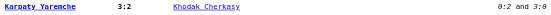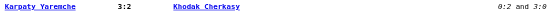 <table width=100% cellspacing=1>
 <tr>
 <th width=20%></th>
 <th width=12%></th>
 <th width=20%></th>
 <th></th>
 </tr>
 <tr style=font-size:90%>
 <td align=right><strong><a href='#'>Karpaty Yaremche</a></strong></td>
 <td align=center><strong>3:2</strong></td>
-<td><a href='#'>Khodak Cherkasy</a></td>
+<td><strong><a href='#'>Khodak Cherkasy</a></strong></td>
 <td align=center><em>0:2</em> and <em>3:0</em></td>
 </tr>
 </table>
